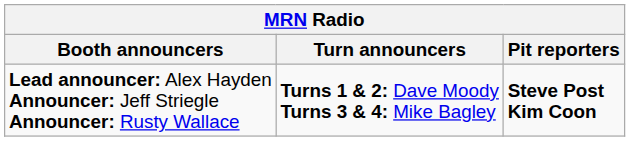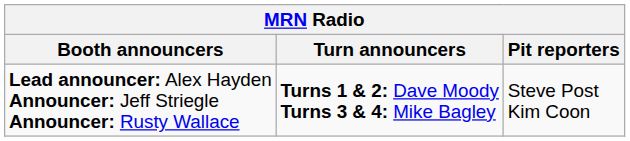 <table class="wikitable" style="font-size: 95%">
 <tr>
 <th colspan="3"><a href='#'>MRN</a> Radio</th>
 </tr>
 <tr>
 <th>Booth announcers</th>
 <th>Turn announcers</th>
 <th>Pit reporters</th>
 </tr>
 <tr>
 <td><strong>Lead announcer:</strong> Alex Hayden<br><strong>Announcer:</strong> Jeff Striegle<br><strong>Announcer: </strong><a href='#'>Rusty Wallace</a></td>
 <td><strong>Turns 1 & 2:</strong> <a href='#'>Dave Moody</a><br><strong>Turns 3 & 4:</strong> <a href='#'>Mike Bagley</a></td>
-<td><strong>Steve Post<br>Kim Coon</strong></td>
+<td>Steve Post<br>Kim Coon</td>
 </tr>
 </table>
